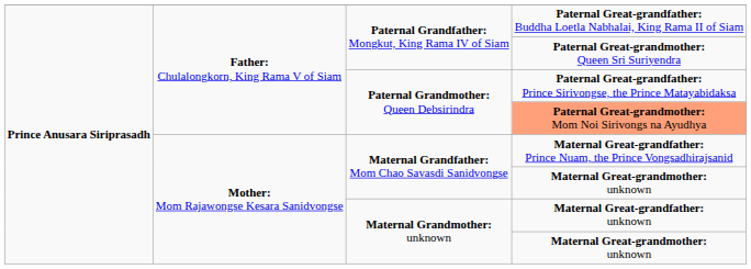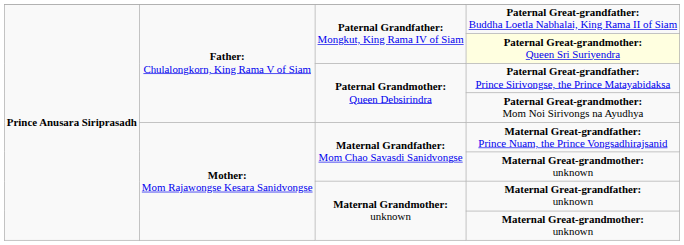 <table class="wikitable">
 <tr>
 </tr>
 <tr>
 <td rowspan="8" align="center"><strong>Prince Anusara Siriprasadh</strong></td>
 <td rowspan="4" align="center"><strong>Father:</strong><br><a href='#'>Chulalongkorn, King Rama V of Siam</a></td>
 <td rowspan="2" align="center"><strong>Paternal Grandfather:</strong><br><a href='#'>Mongkut, King Rama IV of Siam</a></td>
 <td align = "center"><strong>Paternal Great-grandfather:</strong><br><a href='#'>Buddha Loetla Nabhalai, King Rama II of Siam</a></td>
 </tr>
 <tr>
-<td align = "center"><strong>Paternal Great-grandmother:</strong><br><a href='#'>Queen Sri Suriyendra</a></td>
+<td align = "center" style="background: lightyellow;"><strong>Paternal Great-grandmother:</strong><br><a href='#'>Queen Sri Suriyendra</a></td>
 </tr>
 <tr>
 <td rowspan="2" align="center"><strong>Paternal Grandmother:</strong><br><a href='#'>Queen Debsirindra</a></td>
 <td align = "center"><strong>Paternal Great-grandfather:</strong><br><a href='#'>Prince Sirivongse, the Prince Matayabidaksa</a></td>
 </tr>
 <tr>
-<td align = "center" style="background: lightsalmon;"><strong>Paternal Great-grandmother:</strong><br>Mom Noi Sirivongs na Ayudhya</td>
+<td align = "center"><strong>Paternal Great-grandmother:</strong><br>Mom Noi Sirivongs na Ayudhya</td>
 </tr>
 <tr>
 <td rowspan="4" align="center"><strong>Mother:</strong><br><a href='#'>Mom Rajawongse Kesara Sanidvongse</a></td>
 <td rowspan="2" align="center"><strong>Maternal Grandfather:</strong><br><a href='#'>Mom Chao Savasdi Sanidvongse</a></td>
 <td align = "center"><strong>Maternal Great-grandfather:</strong><br><a href='#'>Prince Nuam, the Prince Vongsadhirajsanid</a></td>
 </tr>
 <tr>
 <td align = "center"><strong>Maternal Great-grandmother:</strong><br>unknown</td>
 </tr>
 <tr>
 <td rowspan="2" align="center"><strong>Maternal Grandmother:</strong><br>unknown</td>
 <td align = "center"><strong>Maternal Great-grandfather:</strong><br>unknown</td>
 </tr>
 <tr>
 <td align = "center"><strong>Maternal Great-grandmother:</strong><br>unknown</td>
 </tr>
 </table>
